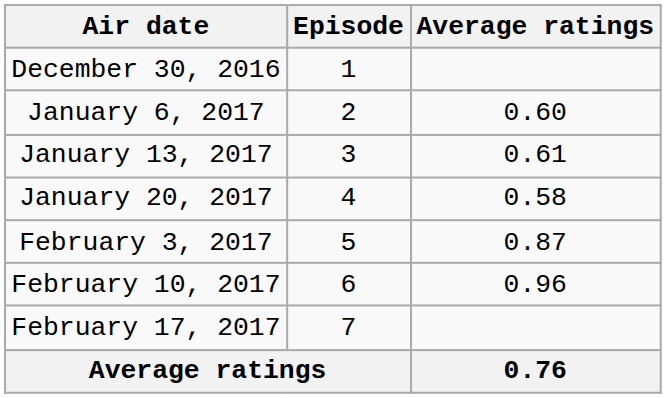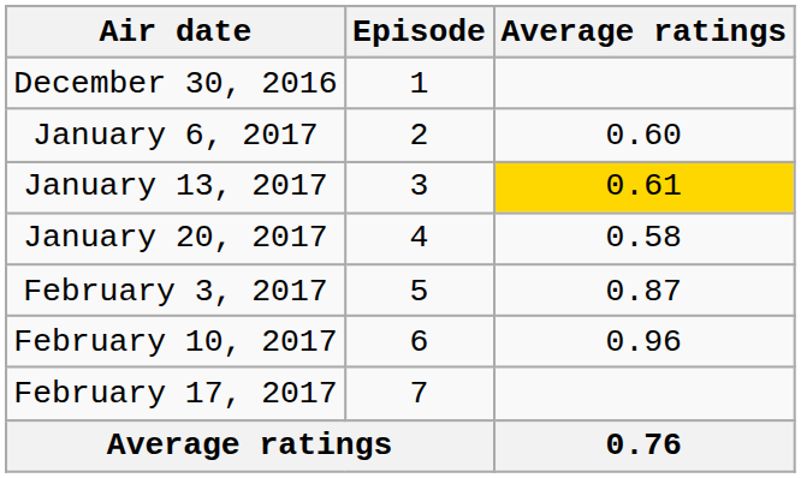 <table class="wikitable sortable" style="text-align:center;">
 <tr>
 <th>Air date</th>
 <th>Episode</th>
 <th>Average ratings</th>
 </tr>
 <tr>
 <td>December 30, 2016</td>
 <td>1</td>
 <td><strong></strong></td>
 </tr>
 <tr>
 <td>January 6, 2017</td>
 <td>2</td>
 <td>0.60</td>
 </tr>
 <tr>
 <td>January 13, 2017</td>
 <td>3</td>
-<td>0.61</td>
+<td style="background: gold;">0.61</td>
 </tr>
 <tr>
 <td>January 20, 2017</td>
 <td>4</td>
 <td>0.58</td>
 </tr>
 <tr>
 <td>February 3, 2017</td>
 <td>5</td>
 <td>0.87</td>
 </tr>
 <tr>
 <td>February 10, 2017</td>
 <td>6</td>
 <td>0.96</td>
 </tr>
 <tr>
 <td>February 17, 2017</td>
 <td>7</td>
 <td><strong></strong></td>
 </tr>
 <tr>
 <th colspan="2">Average ratings</th>
 <th>0.76</th>
 </tr>
 </table>
